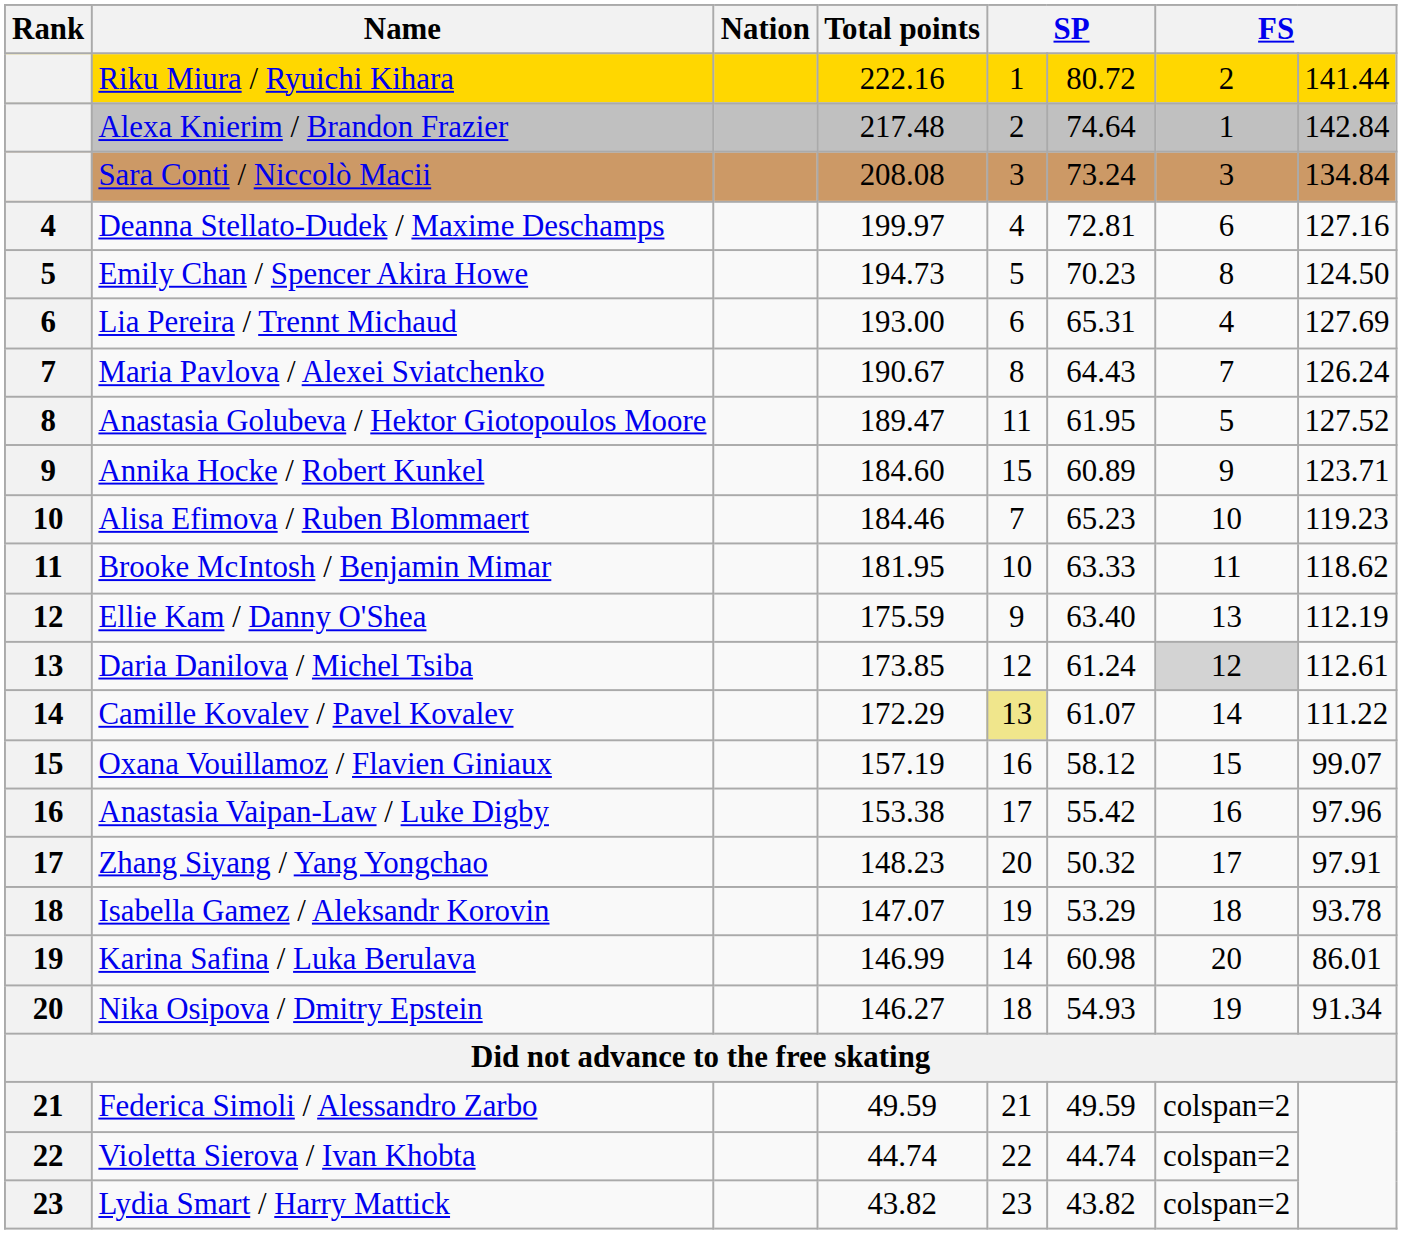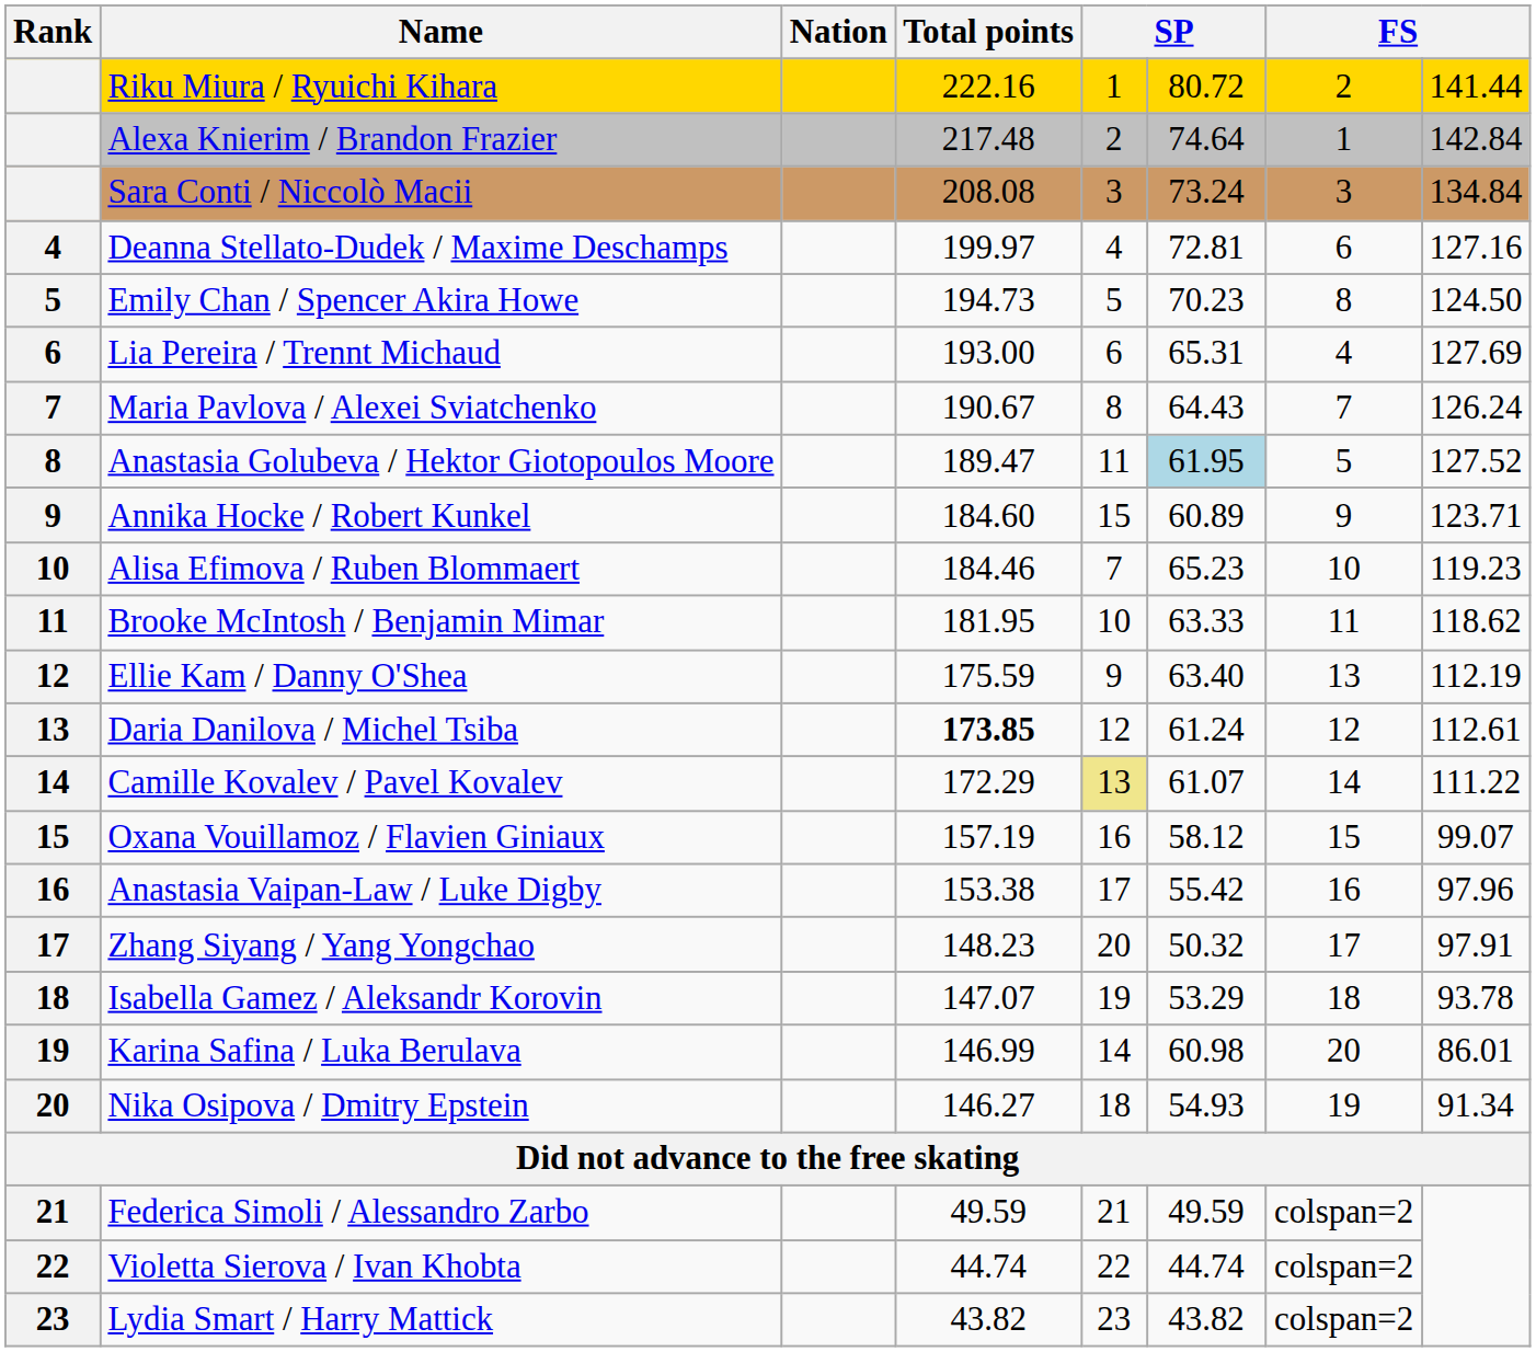 <table class="wikitable sortable" style="text-align:center">
 <tr>
 <th scope="col">Rank</th>
 <th scope="col">Name</th>
 <th scope="col">Nation</th>
 <th scope="col">Total points</th>
 <th colspan="2" width="80px"><a href='#'>SP</a></th>
 <th colspan="2" width="80px"><a href='#'>FS</a></th>
 </tr>
 <tr bgcolor="gold">
 <th scope="row"></th>
 <td style="text-align:left"><a href='#'>Riku Miura</a> / <a href='#'>Ryuichi Kihara</a></td>
 <td style="text-align:left"></td>
 <td align="center">222.16</td>
 <td align="center">1</td>
 <td align="center">80.72</td>
 <td align="center">2</td>
 <td align="center">141.44</td>
 </tr>
 <tr bgcolor="silver">
 <th scope="row"></th>
 <td style="text-align:left"><a href='#'>Alexa Knierim</a> / <a href='#'>Brandon Frazier</a></td>
 <td style="text-align:left"></td>
 <td align="center">217.48</td>
 <td align="center">2</td>
 <td align="center">74.64</td>
 <td align="center">1</td>
 <td align="center">142.84</td>
 </tr>
 <tr bgcolor="#cc9966">
 <th scope="row"></th>
 <td style="text-align:left"><a href='#'>Sara Conti</a> / <a href='#'>Niccolò Macii</a></td>
 <td style="text-align:left"></td>
 <td align="center">208.08</td>
 <td align="center">3</td>
 <td align="center">73.24</td>
 <td align="center">3</td>
 <td align="center">134.84</td>
 </tr>
 <tr>
 <th scope="row">4</th>
 <td style="text-align:left"><a href='#'>Deanna Stellato-Dudek</a> / <a href='#'>Maxime Deschamps</a></td>
 <td style="text-align:left"></td>
 <td align="center">199.97</td>
 <td align="center">4</td>
 <td align="center">72.81</td>
 <td align="center">6</td>
 <td align="center">127.16</td>
 </tr>
 <tr>
 <th scope="row">5</th>
 <td style="text-align:left"><a href='#'>Emily Chan</a> / <a href='#'>Spencer Akira Howe</a></td>
 <td style="text-align:left"></td>
 <td align="center">194.73</td>
 <td align="center">5</td>
 <td align="center">70.23</td>
 <td align="center">8</td>
 <td align="center">124.50</td>
 </tr>
 <tr>
 <th scope="row">6</th>
 <td style="text-align:left"><a href='#'>Lia Pereira</a> / <a href='#'>Trennt Michaud</a></td>
 <td style="text-align:left"></td>
 <td align="center">193.00</td>
 <td align="center">6</td>
 <td align="center">65.31</td>
 <td align="center">4</td>
 <td align="center">127.69</td>
 </tr>
 <tr>
 <th scope="row">7</th>
 <td style="text-align:left"><a href='#'>Maria Pavlova</a> / <a href='#'>Alexei Sviatchenko</a></td>
 <td style="text-align:left"></td>
 <td align="center">190.67</td>
 <td align="center">8</td>
 <td align="center">64.43</td>
 <td align="center">7</td>
 <td align="center">126.24</td>
 </tr>
 <tr>
 <th scope="row">8</th>
 <td style="text-align:left"><a href='#'>Anastasia Golubeva</a> / <a href='#'>Hektor Giotopoulos Moore</a></td>
 <td style="text-align:left"></td>
 <td align="center">189.47</td>
 <td align="center">11</td>
-<td align="center">61.95</td>
+<td align="center" style="background: lightblue;">61.95</td>
 <td align="center">5</td>
 <td align="center">127.52</td>
 </tr>
 <tr>
 <th scope="row">9</th>
 <td style="text-align:left"><a href='#'>Annika Hocke</a> / <a href='#'>Robert Kunkel</a></td>
 <td style="text-align:left"></td>
 <td align="center">184.60</td>
 <td align="center">15</td>
 <td align="center">60.89</td>
 <td align="center">9</td>
 <td align="center">123.71</td>
 </tr>
 <tr>
 <th scope="row">10</th>
 <td style="text-align:left"><a href='#'>Alisa Efimova</a> / <a href='#'>Ruben Blommaert</a></td>
 <td style="text-align:left"></td>
 <td align="center">184.46</td>
 <td align="center">7</td>
 <td align="center">65.23</td>
 <td align="center">10</td>
 <td align="center">119.23</td>
 </tr>
 <tr>
 <th scope="row">11</th>
 <td style="text-align:left"><a href='#'>Brooke McIntosh</a> / <a href='#'>Benjamin Mimar</a></td>
 <td style="text-align:left"></td>
 <td align="center">181.95</td>
 <td align="center">10</td>
 <td align="center">63.33</td>
 <td align="center">11</td>
 <td align="center">118.62</td>
 </tr>
 <tr>
 <th scope="row">12</th>
 <td style="text-align:left"><a href='#'>Ellie Kam</a> / <a href='#'>Danny O'Shea</a></td>
 <td style="text-align:left"></td>
 <td align="center">175.59</td>
 <td align="center">9</td>
 <td align="center">63.40</td>
 <td align="center">13</td>
 <td align="center">112.19</td>
 </tr>
 <tr>
 <th scope="row">13</th>
 <td style="text-align:left"><a href='#'>Daria Danilova</a> / <a href='#'>Michel Tsiba</a></td>
 <td style="text-align:left"></td>
-<td align="center">173.85</td>
+<td align="center"><strong>173.85</strong></td>
 <td align="center">12</td>
 <td align="center">61.24</td>
-<td align="center" style="background: lightgrey;">12</td>
+<td align="center">12</td>
 <td align="center">112.61</td>
 </tr>
 <tr>
 <th scope="row">14</th>
 <td style="text-align:left"><a href='#'>Camille Kovalev</a> / <a href='#'>Pavel Kovalev</a></td>
 <td style="text-align:left"></td>
 <td align="center">172.29</td>
 <td align="center" style="background: khaki;">13</td>
 <td align="center">61.07</td>
 <td align="center">14</td>
 <td align="center">111.22</td>
 </tr>
 <tr>
 <th scope="row">15</th>
 <td style="text-align:left"><a href='#'>Oxana Vouillamoz</a> / <a href='#'>Flavien Giniaux</a></td>
 <td style="text-align:left"></td>
 <td align="center">157.19</td>
 <td align="center">16</td>
 <td align="center">58.12</td>
 <td align="center">15</td>
 <td align="center">99.07</td>
 </tr>
 <tr>
 <th scope="row">16</th>
 <td style="text-align:left"><a href='#'>Anastasia Vaipan-Law</a> / <a href='#'>Luke Digby</a></td>
 <td style="text-align:left"></td>
 <td align="center">153.38</td>
 <td align="center">17</td>
 <td align="center">55.42</td>
 <td align="center">16</td>
 <td align="center">97.96</td>
 </tr>
 <tr>
 <th scope="row">17</th>
 <td style="text-align:left"><a href='#'>Zhang Siyang</a> / <a href='#'>Yang Yongchao</a></td>
 <td style="text-align:left"></td>
 <td align="center">148.23</td>
 <td align="center">20</td>
 <td align="center">50.32</td>
 <td align="center">17</td>
 <td align="center">97.91</td>
 </tr>
 <tr>
 <th scope="row">18</th>
 <td style="text-align:left"><a href='#'>Isabella Gamez</a> / <a href='#'>Aleksandr Korovin</a></td>
 <td style="text-align:left"></td>
 <td align="center">147.07</td>
 <td align="center">19</td>
 <td align="center">53.29</td>
 <td align="center">18</td>
 <td align="center">93.78</td>
 </tr>
 <tr>
 <th scope="row">19</th>
 <td style="text-align:left"><a href='#'>Karina Safina</a> / <a href='#'>Luka Berulava</a></td>
 <td style="text-align:left"></td>
 <td align="center">146.99</td>
 <td align="center">14</td>
 <td align="center">60.98</td>
 <td align="center">20</td>
 <td align="center">86.01</td>
 </tr>
 <tr>
 <th scope="row">20</th>
 <td style="text-align:left"><a href='#'>Nika Osipova</a> / <a href='#'>Dmitry Epstein</a></td>
 <td style="text-align:left"></td>
 <td align="center">146.27</td>
 <td align="center">18</td>
 <td align="center">54.93</td>
 <td align="center">19</td>
 <td align="center">91.34</td>
 </tr>
 <tr>
 <th colspan=8>Did not advance to the free skating</th>
 </tr>
 <tr>
 <th scope="row">21</th>
 <td style="text-align:left"><a href='#'>Federica Simoli</a> / <a href='#'>Alessandro Zarbo</a></td>
 <td style="text-align:left"></td>
 <td align="center">49.59</td>
 <td align="center">21</td>
 <td align="center">49.59</td>
 <td>colspan=2 </td>
 </tr>
 <tr>
 <th scope="row">22</th>
 <td style="text-align:left"><a href='#'>Violetta Sierova</a> / <a href='#'>Ivan Khobta</a></td>
 <td style="text-align:left"></td>
 <td align="center">44.74</td>
 <td align="center">22</td>
 <td align="center">44.74</td>
 <td>colspan=2 </td>
 </tr>
 <tr>
 <th scope="row">23</th>
 <td style="text-align:left"><a href='#'>Lydia Smart</a> / <a href='#'>Harry Mattick</a></td>
 <td style="text-align:left"></td>
 <td align="center">43.82</td>
 <td align="center">23</td>
 <td align="center">43.82</td>
 <td>colspan=2 </td>
 </tr>
 </table>
